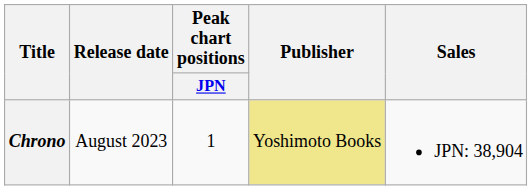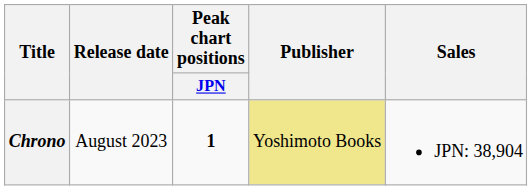 <table class="wikitable plainrowheaders" style="text-align:center">
 <tr>
 <th scope="col" rowspan="2">Title</th>
 <th scope="col" rowspan="2">Release date</th>
 <th scope="col">Peak chart positions</th>
 <th scope="col" rowspan="2">Publisher</th>
 <th scope="col" rowspan="2">Sales</th>
 </tr>
 <tr>
 <th scope="col" style="font-size:90%; width:2.5em"><a href='#'>JPN</a><br></th>
 </tr>
 <tr>
 <th scope="row"><em>Chrono</em></th>
 <td>August 2023</td>
-<td>1</td>
+<td><strong>1</strong></td>
 <td style="background: khaki;">Yoshimoto Books</td>
 <td><br><ul><li>JPN: 38,904</li></ul></td>
 </tr>
 </table>
